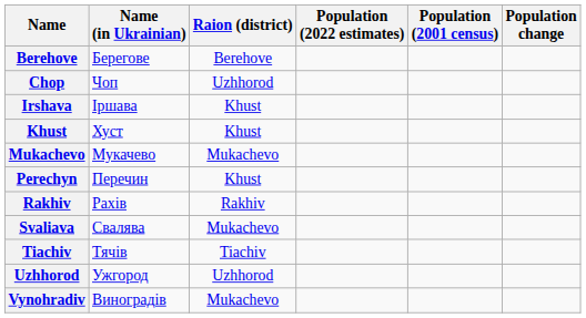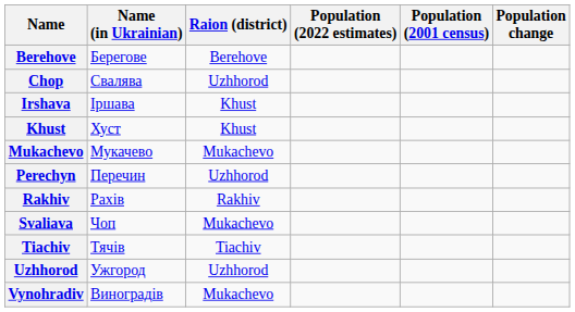 <table class="wikitable sortable" id="Table of cities" caption="Tabulated list of cities in ">
 <tr>
 <th scope="col">Name</th>
 <th scope="col">Name<br>(in <a href='#'>Ukrainian</a>)</th>
 <th scope="col"><a href='#'>Raion</a> (district)</th>
 <th scope="col">Population<br>(2022 estimates)</th>
 <th scope="col">Population<br>(<a href='#'>2001 census</a>)</th>
 <th scope="col">Population<br>change</th>
 </tr>
 <tr>
 <th scope="row" align="left"><a href='#'>Berehove</a></th>
 <td><a href='#'>Берегове</a></td>
 <td align=center><a href='#'>Berehove</a></td>
 <td align=right></td>
 <td align=right></td>
 <td align=right></td>
 </tr>
 <tr>
 <th scope="row" align="left"><a href='#'>Chop</a></th>
-<td><a href='#'>Чоп</a></td>
+<td><a href='#'>Свалява</a></td>
 <td align=center><a href='#'>Uzhhorod</a></td>
 <td align=right></td>
 <td align=right></td>
 <td align=right></td>
 </tr>
 <tr>
 <th scope="row" align="left"><a href='#'>Irshava</a></th>
 <td><a href='#'>Іршава</a></td>
 <td align=center><a href='#'>Khust</a></td>
 <td align=right></td>
 <td align=right></td>
 <td align=right></td>
 </tr>
 <tr>
 <th scope="row" align="left"><a href='#'>Khust</a></th>
 <td><a href='#'>Хуст</a></td>
 <td align=center><a href='#'>Khust</a></td>
 <td align=right></td>
 <td align=right></td>
 <td align=right></td>
 </tr>
 <tr>
 <th scope="row" align="left"><a href='#'>Mukachevo</a></th>
 <td><a href='#'>Мукачево</a></td>
 <td align=center><a href='#'>Mukachevo</a></td>
 <td align=right></td>
 <td align=right></td>
 <td align=right></td>
 </tr>
 <tr>
 <th scope="row" align="left"><a href='#'>Perechyn</a></th>
 <td><a href='#'>Перечин</a></td>
-<td align=center><a href='#'>Khust</a></td>
+<td align=center><a href='#'>Uzhhorod</a></td>
 <td align=right></td>
 <td align=right></td>
 <td align=right></td>
 </tr>
 <tr>
 <th scope="row" align="left"><a href='#'>Rakhiv</a></th>
 <td><a href='#'>Рахів</a></td>
 <td align=center><a href='#'>Rakhiv</a></td>
 <td align=right></td>
 <td align=right></td>
 <td align=right></td>
 </tr>
 <tr>
 <th scope="row" align="left"><a href='#'>Svaliava</a></th>
-<td><a href='#'>Свалява</a></td>
+<td><a href='#'>Чоп</a></td>
 <td align=center><a href='#'>Mukachevo</a></td>
 <td align=right></td>
 <td align=right></td>
 <td align=right></td>
 </tr>
 <tr>
 <th scope="row" align="left"><a href='#'>Tiachiv</a></th>
 <td><a href='#'>Тячів</a></td>
 <td align=center><a href='#'>Tiachiv</a></td>
 <td align=right></td>
 <td align=right></td>
 <td align=right></td>
 </tr>
 <tr>
 <th scope="row" align="left"><a href='#'>Uzhhorod</a></th>
 <td><a href='#'>Ужгород</a></td>
 <td align=center><a href='#'>Uzhhorod</a></td>
 <td align=right></td>
 <td align=right></td>
 <td align=right></td>
 </tr>
 <tr>
 <th scope="row" align="left"><a href='#'>Vynohradiv</a></th>
 <td><a href='#'>Виноградів</a></td>
 <td align=center><a href='#'>Mukachevo</a></td>
 <td align=right></td>
 <td align=right></td>
 <td align=right></td>
 </tr>
 </table>
